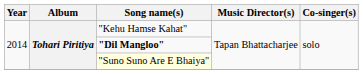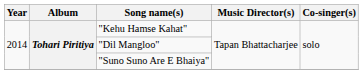 <table class="wikitable sortable">
 <tr>
 <th>Year</th>
 <th>Album</th>
 <th>Song name(s)</th>
 <th>Music Director(s)</th>
 <th>Co-singer(s)</th>
 </tr>
 <tr>
 <td rowspan=3>2014</td>
 <th rowspan=3><em>Tohari Piritiya</em></th>
 <td>"Kehu Hamse Kahat"</td>
 <td rowspan=3>Tapan Bhattacharjee</td>
 <td rowspan=3>solo</td>
 </tr>
 <tr>
-<td><strong>"Dil Mangloo"</strong></td>
+<td>"Dil Mangloo"</td>
 </tr>
 <tr>
-<td style="background: lightyellow;">"Suno Suno Are E Bhaiya"</td>
+<td>"Suno Suno Are E Bhaiya"</td>
 </tr>
 <tr>
 </tr>
 </table>
